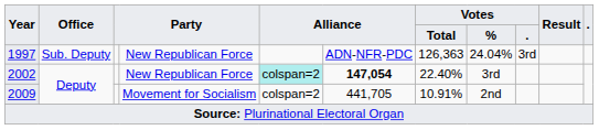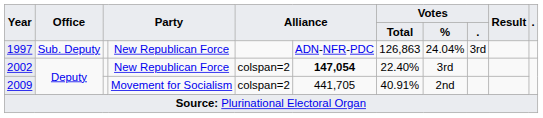 <table class="wikitable" style="font-size:90%; text-align:center;">
 <tr>
 <th style="background-color:#EAECF0;" rowspan=2>Year</th>
 <th style="background-color:#EAECF0;" rowspan=2>Office</th>
 <th style="background-color:#EAECF0;" colspan=2 rowspan=2>Party</th>
 <th style="background-color:#EAECF0;" colspan=2 rowspan=2>Alliance</th>
 <th style="background-color:#EAECF0;" colspan=3>Votes</th>
 <th style="background-color:#EAECF0;" rowspan=2>Result</th>
 <th style="background-color:#EAECF0;" rowspan=2>.</th>
 </tr>
 <tr>
 <th style="background-color:#EAECF0;">Total</th>
 <th style="background-color:#EAECF0;">%</th>
 <th style="background-color:#EAECF0;">.</th>
 </tr>
 <tr>
 <td style="background-color:#EAECF0;"><a href='#'>1997</a></td>
 <td><a href='#'>Sub. Deputy</a></td>
 <td style="background-color:"></td>
 <td><a href='#'>New Republican Force</a></td>
 <td style="background-color:"></td>
 <td><a href='#'>ADN</a>-<a href='#'>NFR</a>-<a href='#'>PDC</a></td>
-<td>126,363</td>
+<td>126,863</td>
 <td>24.04%</td>
 <td>3rd</td>
 <td></td>
 <td></td>
 </tr>
 <tr>
 <td style="background-color:#EAECF0;"><a href='#'>2002</a></td>
 <td rowspan=2><a href='#'>Deputy</a></td>
 <td style="background-color:"></td>
 <td><a href='#'>New Republican Force</a></td>
-<td style="background: paleturquoise;">colspan=2 </td>
+<td>colspan=2 </td>
 <td><strong>147,054</strong></td>
 <td>22.40%</td>
 <td>3rd</td>
 <td></td>
 <td></td>
 </tr>
 <tr>
 <td style="background-color:#EAECF0;"><a href='#'>2009</a></td>
 <td style="background-color:"></td>
 <td><a href='#'>Movement for Socialism</a></td>
 <td>colspan=2 </td>
 <td>441,705</td>
-<td>10.91%</td>
+<td>40.91%</td>
 <td>2nd</td>
 <td></td>
 <td></td>
 </tr>
 <tr>
 <td style="background-color:#EAECF0;" colspan=11><strong>Source:</strong> <a href='#'>Plurinational Electoral Organ</a>  </td>
 </tr>
 </table>
